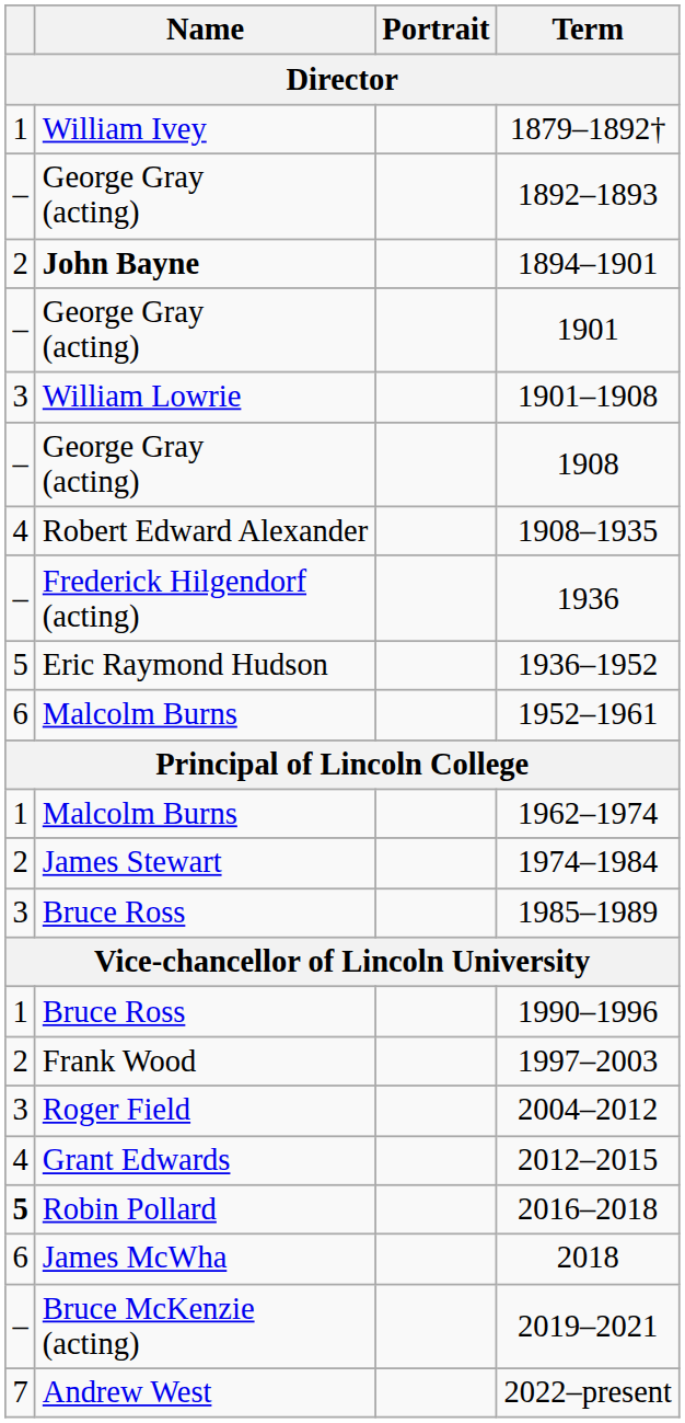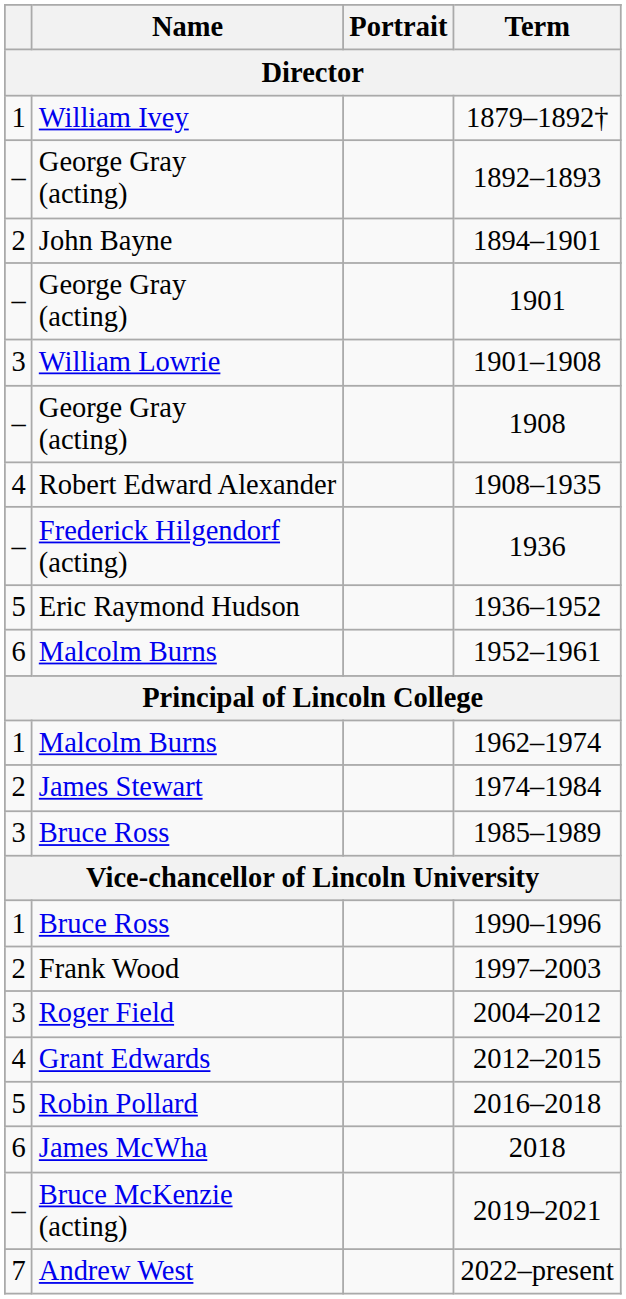 <table class="wikitable mw-collapsible mw-collapsed">
 <tr>
 <th></th>
 <th>Name</th>
 <th>Portrait</th>
 <th>Term</th>
 </tr>
 <tr>
 <th colspan=4>Director</th>
 </tr>
 <tr>
 <td align=center>1</td>
 <td><a href='#'>William Ivey</a></td>
 <td></td>
 <td align=center>1879–1892†</td>
 </tr>
 <tr>
 <td align=center>–</td>
 <td>George Gray<br>(acting)</td>
 <td></td>
 <td align=center>1892–1893</td>
 </tr>
 <tr>
 <td align=center>2</td>
-<td><strong>John Bayne</strong></td>
+<td>John Bayne</td>
 <td></td>
 <td align=center>1894–1901</td>
 </tr>
 <tr>
 <td align=center>–</td>
 <td>George Gray<br>(acting)</td>
 <td></td>
 <td align=center>1901</td>
 </tr>
 <tr>
 <td align=center>3</td>
 <td><a href='#'>William Lowrie</a></td>
 <td></td>
 <td align=center>1901–1908</td>
 </tr>
 <tr>
 <td align=center>–</td>
 <td>George Gray<br>(acting)</td>
 <td></td>
 <td align=center>1908</td>
 </tr>
 <tr>
 <td align=center>4</td>
 <td>Robert Edward Alexander</td>
 <td></td>
 <td align=center>1908–1935</td>
 </tr>
 <tr>
 <td align=center>–</td>
 <td><a href='#'>Frederick Hilgendorf</a><br>(acting)</td>
 <td></td>
 <td align=center>1936</td>
 </tr>
 <tr>
 <td align=center>5</td>
 <td>Eric Raymond Hudson</td>
 <td></td>
 <td align=center>1936–1952</td>
 </tr>
 <tr>
 <td align=center>6</td>
 <td><a href='#'>Malcolm Burns</a></td>
 <td></td>
 <td align=center>1952–1961</td>
 </tr>
 <tr>
 <th colspan=4>Principal of Lincoln College</th>
 </tr>
 <tr>
 <td align=center>1</td>
 <td><a href='#'>Malcolm Burns</a></td>
 <td></td>
 <td align=center>1962–1974</td>
 </tr>
 <tr>
 <td align=center>2</td>
 <td><a href='#'>James Stewart</a></td>
 <td></td>
 <td align=center>1974–1984</td>
 </tr>
 <tr>
 <td align=center>3</td>
 <td><a href='#'>Bruce Ross</a></td>
 <td></td>
 <td align=center>1985–1989</td>
 </tr>
 <tr>
 <th colspan=4>Vice-chancellor of Lincoln University</th>
 </tr>
 <tr>
 <td align=center>1</td>
 <td><a href='#'>Bruce Ross</a></td>
 <td></td>
 <td align=center>1990–1996</td>
 </tr>
 <tr>
 <td align=center>2</td>
 <td>Frank Wood</td>
 <td></td>
 <td align=center>1997–2003</td>
 </tr>
 <tr>
 <td align=center>3</td>
 <td><a href='#'>Roger Field</a></td>
 <td></td>
 <td align=center>2004–2012</td>
 </tr>
 <tr>
 <td align=center>4</td>
 <td><a href='#'>Grant Edwards</a></td>
 <td></td>
 <td align=center>2012–2015</td>
 </tr>
 <tr>
-<td align=center><strong>5</strong></td>
+<td align=center>5</td>
 <td><a href='#'>Robin Pollard</a></td>
 <td></td>
 <td align=center>2016–2018</td>
 </tr>
 <tr>
 <td align=center>6</td>
 <td><a href='#'>James McWha</a></td>
 <td></td>
 <td align=center>2018</td>
 </tr>
 <tr>
 <td align=center>–</td>
 <td><a href='#'>Bruce McKenzie</a><br>(acting)</td>
 <td></td>
 <td align=center>2019–2021</td>
 </tr>
 <tr>
 <td align=center>7</td>
 <td><a href='#'>Andrew West</a></td>
 <td></td>
 <td align=center>2022–present</td>
 </tr>
 </table>
